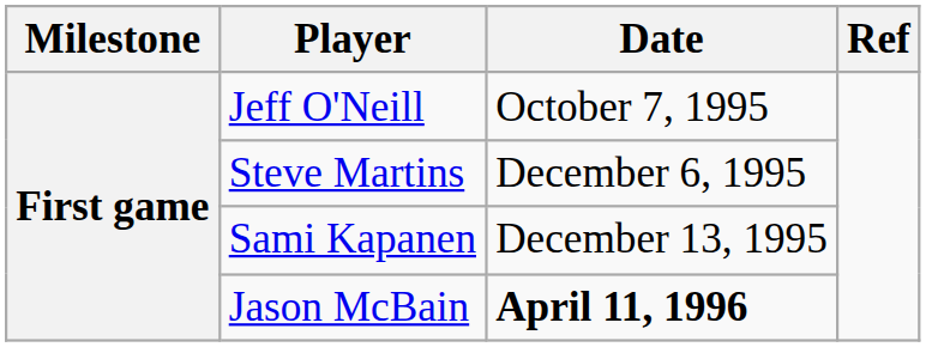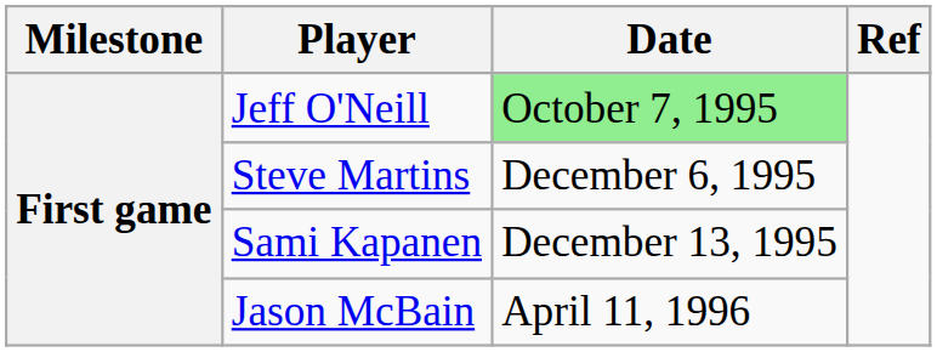 <table class="wikitable">
 <tr>
 <th scope="col">Milestone</th>
 <th scope="col">Player</th>
 <th scope="col">Date</th>
 <th scope="col">Ref</th>
 </tr>
 <tr>
 <th rowspan=4>First game</th>
 <td><a href='#'>Jeff O'Neill</a></td>
-<td>October 7, 1995</td>
+<td style="background: lightgreen;">October 7, 1995</td>
 <td rowspan=4></td>
 </tr>
 <tr>
 <td><a href='#'>Steve Martins</a></td>
 <td>December 6, 1995</td>
 </tr>
 <tr>
 <td><a href='#'>Sami Kapanen</a></td>
 <td>December 13, 1995</td>
 </tr>
 <tr>
 <td><a href='#'>Jason McBain</a></td>
-<td><strong>April 11, 1996</strong></td>
+<td>April 11, 1996</td>
 </tr>
 </table>
